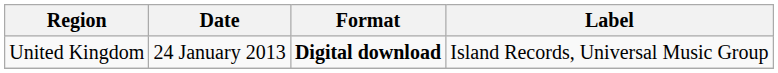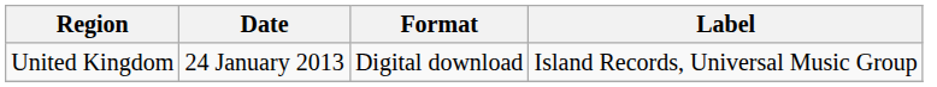 <table class=wikitable>
 <tr>
 <th>Region</th>
 <th>Date</th>
 <th>Format</th>
 <th>Label</th>
 </tr>
 <tr>
 <td>United Kingdom</td>
 <td>24 January 2013</td>
-<td><strong>Digital download</strong></td>
+<td>Digital download</td>
 <td>Island Records, Universal Music Group</td>
 </tr>
 <tr>
 </tr>
 </table>
